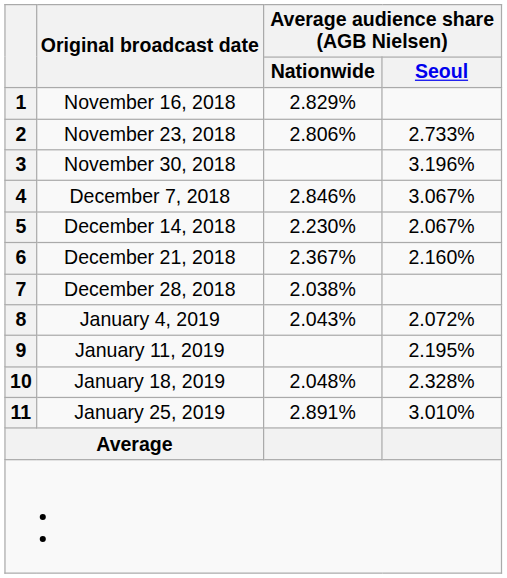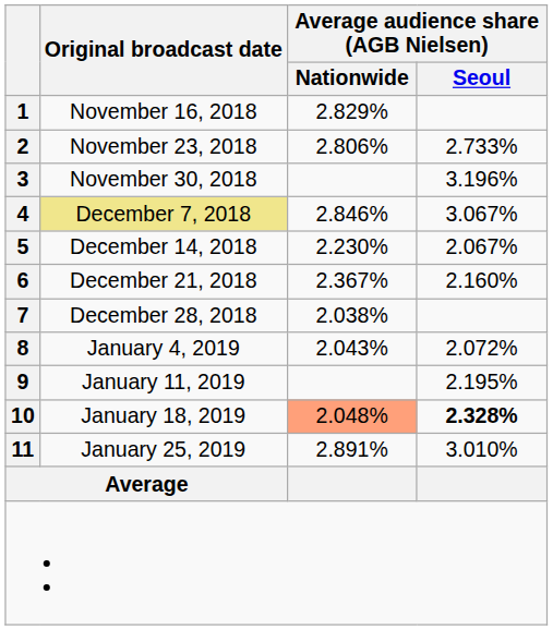 <table class="wikitable" style="text-align:center;max-width:450px; margin-left: auto; margin-right: auto; border: none;">
 <tr>
 </tr>
 <tr>
 <th rowspan="2"></th>
 <th rowspan="2">Original broadcast date</th>
 <th colspan="2">Average audience share<br>(AGB Nielsen)</th>
 </tr>
 <tr>
 <th width="90">Nationwide</th>
 <th width="90"><a href='#'>Seoul</a></th>
 </tr>
 <tr>
 <th>1</th>
 <td>November 16, 2018</td>
 <td>2.829%</td>
 <td></td>
 </tr>
 <tr>
 <th>2</th>
 <td>November 23, 2018</td>
 <td>2.806%</td>
 <td>2.733%</td>
 </tr>
 <tr>
 <th>3</th>
 <td>November 30, 2018</td>
 <td></td>
 <td>3.196%</td>
 </tr>
 <tr>
 <th>4</th>
-<td>December 7, 2018</td>
+<td style="background: khaki;">December 7, 2018</td>
 <td>2.846%</td>
 <td>3.067%</td>
 </tr>
 <tr>
 <th>5</th>
 <td>December 14, 2018</td>
 <td>2.230%</td>
 <td>2.067%</td>
 </tr>
 <tr>
 <th>6</th>
 <td>December 21, 2018</td>
 <td>2.367%</td>
 <td>2.160%</td>
 </tr>
 <tr>
 <th>7</th>
 <td>December 28, 2018</td>
 <td>2.038%</td>
 <td></td>
 </tr>
 <tr>
 <th>8</th>
 <td>January 4, 2019</td>
 <td>2.043%</td>
 <td>2.072%</td>
 </tr>
 <tr>
 <th>9</th>
 <td>January 11, 2019</td>
 <td></td>
 <td>2.195%</td>
 </tr>
 <tr>
 <th>10</th>
 <td>January 18, 2019</td>
-<td>2.048%</td>
-<td>2.328%</td>
+<td style="background: lightsalmon;">2.048%</td>
+<td><strong>2.328%</strong></td>
 </tr>
 <tr>
 <th>11</th>
 <td>January 25, 2019</td>
 <td>2.891%</td>
 <td>3.010%</td>
 </tr>
 <tr>
 <th colspan="2">Average</th>
 <th></th>
 <th></th>
 </tr>
 <tr>
 <td colspan="6"><br><ul><li></li><li></li></ul></td>
 </tr>
 </table>
